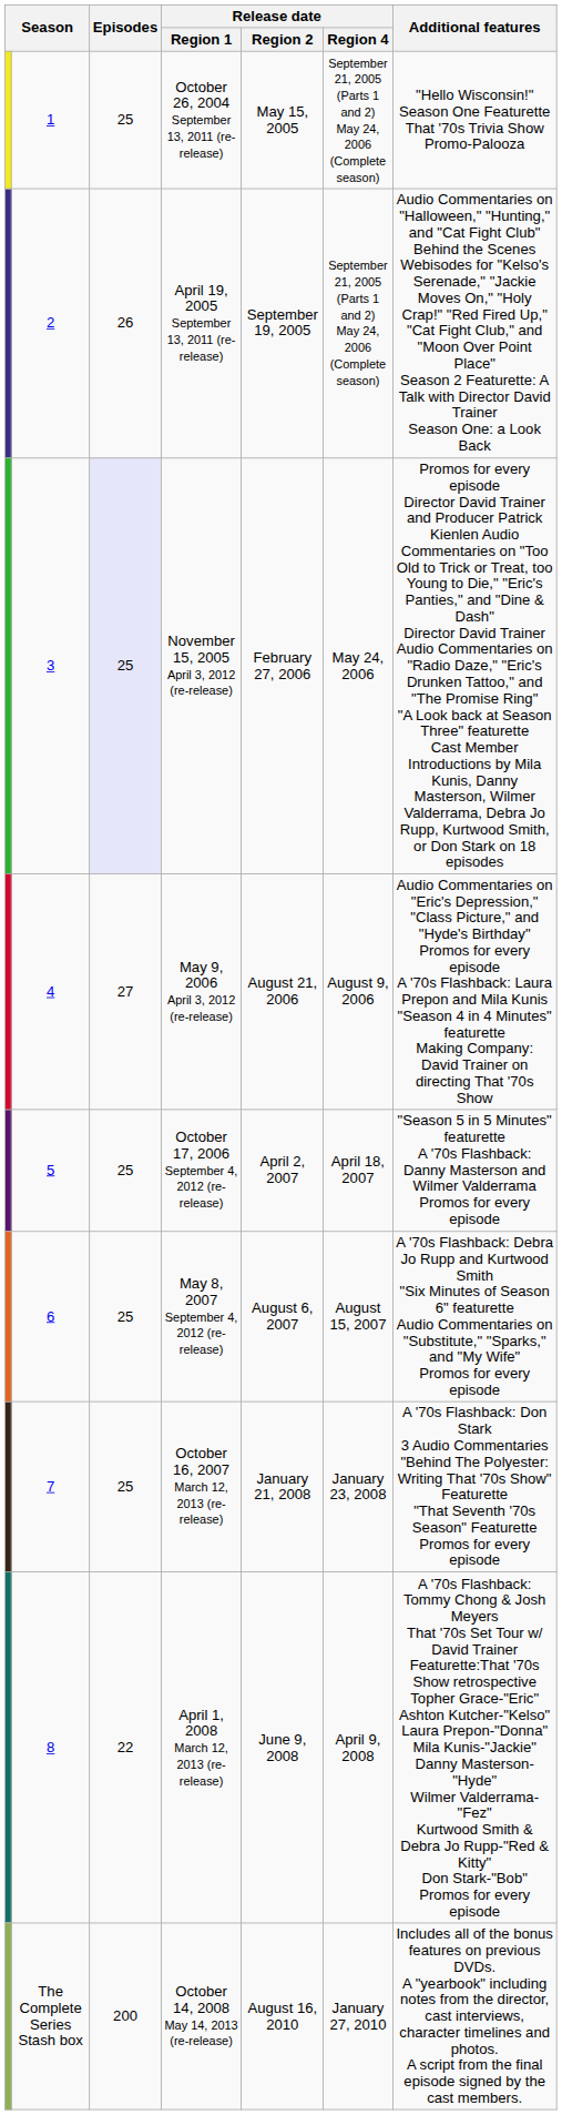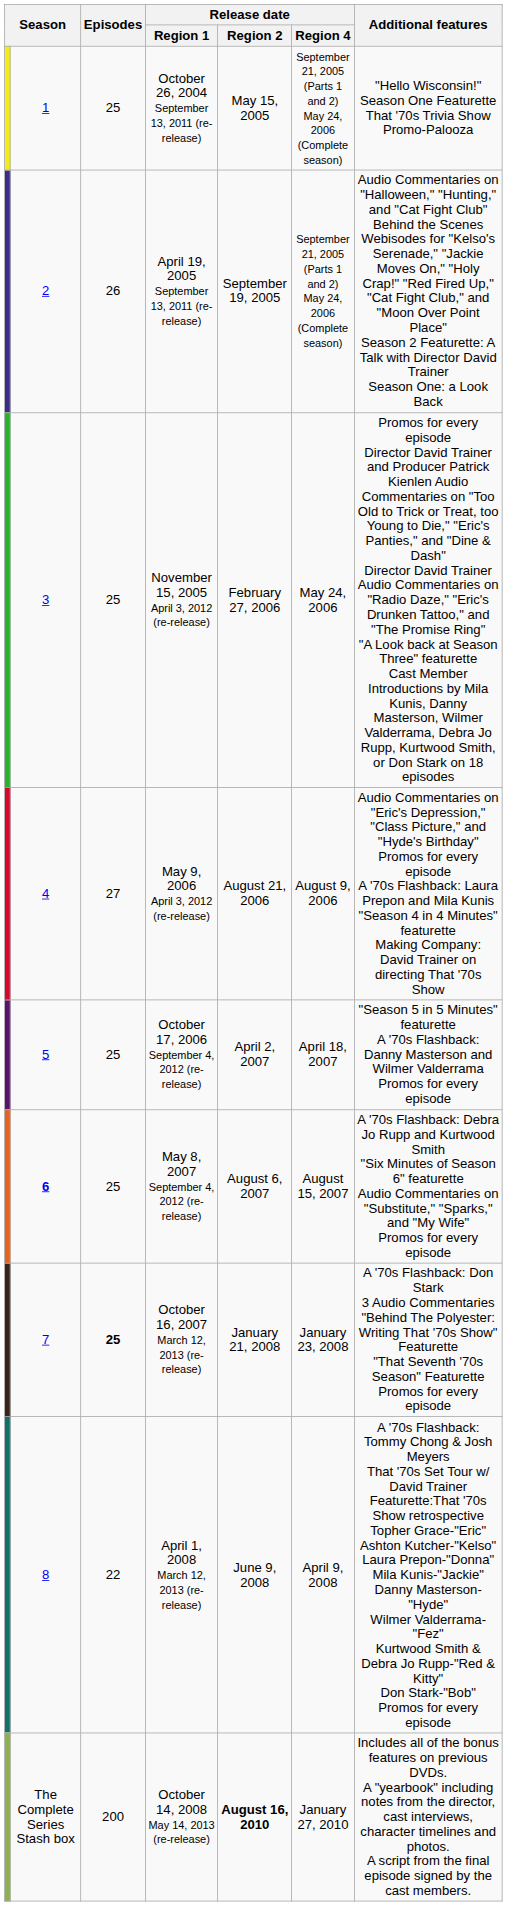 <table class="wikitable plainrowheaders" style="text-align:center">
 <tr>
 <th colspan="2" rowspan="2">Season</th>
 <th rowspan="2">Episodes</th>
 <th colspan="3">Release date</th>
 <th rowspan="2">Additional features</th>
 </tr>
 <tr>
 <th>Region 1</th>
 <th>Region 2</th>
 <th>Region 4</th>
 </tr>
 <tr>
 <td style="background:#f2eb21; height:100px;"></td>
 <td><a href='#'>1</a></td>
 <td>25</td>
 <td>October 26, 2004<br><small>September 13, 2011 (re-release)</small></td>
 <td>May 15, 2005</td>
 <td><small>September 21, 2005 <br>(Parts 1 and 2)</small><br><small>May 24, 2006 <br>(Complete season)</small></td>
 <td>"Hello Wisconsin!" Season One Featurette<br>That '70s Trivia Show<br>Promo-Palooza</td>
 </tr>
 <tr>
 <td style="background:#3c2c85; height:100px;"></td>
 <td><a href='#'>2</a></td>
 <td>26</td>
 <td>April 19, 2005<br><small>September 13, 2011 (re-release)</small></td>
 <td>September 19, 2005</td>
 <td><small>September 21, 2005 <br> (Parts 1 and 2)</small><br><small>May 24, 2006 <br> (Complete season)</small></td>
 <td>Audio Commentaries on "Halloween," "Hunting," and "Cat Fight Club"<br>Behind the Scenes Webisodes for "Kelso's Serenade," "Jackie Moves On," "Holy Crap!" "Red Fired Up," "Cat Fight Club," and "Moon Over Point Place"<br>Season 2 Featurette: A Talk with Director David Trainer<br>Season One: a Look Back</td>
 </tr>
 <tr>
 <td style="background:#29b230; height:100px;"></td>
 <td><a href='#'>3</a></td>
-<td style="background: lavender;">25</td>
+<td>25</td>
 <td>November 15, 2005<br><small>April 3, 2012 (re-release)</small></td>
 <td>February 27, 2006</td>
 <td>May 24, 2006</td>
 <td>Promos for every episode<br>Director David Trainer and Producer Patrick Kienlen Audio Commentaries on "Too Old to Trick or Treat, too Young to Die," "Eric's Panties," and "Dine & Dash"<br>Director David Trainer Audio Commentaries on "Radio Daze," "Eric's Drunken Tattoo," and "The Promise Ring"<br>"A Look back at Season Three" featurette<br>Cast Member Introductions by Mila Kunis, Danny Masterson, Wilmer Valderrama, Debra Jo Rupp, Kurtwood Smith, or Don Stark on 18 episodes</td>
 </tr>
 <tr>
 <td style="background:#d4072e; height:100px;"></td>
 <td><a href='#'>4</a></td>
 <td>27</td>
 <td>May 9, 2006<br><small>April 3, 2012 (re-release)</small></td>
 <td>August 21, 2006</td>
 <td>August 9, 2006</td>
 <td>Audio Commentaries on "Eric's Depression," "Class Picture," and "Hyde's Birthday"<br>Promos for every episode<br>A '70s Flashback: Laura Prepon and Mila Kunis<br>"Season 4 in 4 Minutes" featurette<br>Making Company: David Trainer on directing That '70s Show</td>
 </tr>
 <tr>
 <td style="background:#58136c; height:100px;"></td>
 <td><a href='#'>5</a></td>
 <td>25</td>
 <td>October 17, 2006<br><small>September 4, 2012 (re-release)</small></td>
 <td>April 2, 2007</td>
 <td>April 18, 2007</td>
 <td>"Season 5 in 5 Minutes" featurette<br>A '70s Flashback: Danny Masterson and Wilmer Valderrama<br>Promos for every episode</td>
 </tr>
 <tr>
 <td style="background:#e4631f; height:100px;"></td>
-<td><a href='#'>6</a></td>
+<td><strong><a href='#'>6</a></strong></td>
 <td>25</td>
 <td>May 8, 2007<br><small>September 4, 2012 (re-release)</small></td>
 <td>August 6, 2007</td>
 <td>August 15, 2007<br></td>
 <td>A '70s Flashback: Debra Jo Rupp and Kurtwood Smith<br>"Six Minutes of Season 6" featurette<br>Audio Commentaries on "Substitute," "Sparks," and "My Wife"<br>Promos for every episode</td>
 </tr>
 <tr>
 <td style="background:#362418; height:100px;"></td>
 <td><a href='#'>7</a></td>
-<td>25</td>
+<td><strong>25</strong></td>
 <td>October 16, 2007<br><small>March 12, 2013 (re-release)</small></td>
 <td>January 21, 2008</td>
 <td>January 23, 2008</td>
 <td>A '70s Flashback: Don Stark<br>3 Audio Commentaries<br>"Behind The Polyester: Writing That '70s Show" Featurette<br>"That Seventh '70s Season" Featurette<br>Promos for every episode</td>
 </tr>
 <tr>
 <td style="background:#137068; height:100px;"></td>
 <td><a href='#'>8</a></td>
 <td>22</td>
 <td>April 1, 2008<br><small>March 12, 2013 (re-release)</small></td>
 <td>June 9, 2008</td>
 <td>April 9, 2008</td>
 <td>A '70s Flashback: Tommy Chong & Josh Meyers<br>That '70s Set Tour w/ David Trainer<br>Featurette:That '70s Show retrospective<br>Topher Grace-"Eric"<br>Ashton Kutcher-"Kelso"<br>Laura Prepon-"Donna"<br>Mila Kunis-"Jackie"<br>Danny Masterson-"Hyde"<br>Wilmer Valderrama-"Fez"<br>Kurtwood Smith & Debra Jo Rupp-"Red & Kitty"<br>Don Stark-"Bob"<br>Promos for every episode</td>
 </tr>
 <tr>
 <td style="background:#8eb052; height:100px;"></td>
 <td>The Complete Series Stash box</td>
 <td>200</td>
 <td>October 14, 2008<br><small>May 14, 2013 (re-release)</small></td>
-<td>August 16, 2010</td>
+<td><strong>August 16, 2010</strong></td>
 <td>January 27, 2010</td>
 <td>Includes all of the bonus features on previous DVDs.<br>A "yearbook" including notes from the director, cast interviews, character timelines and photos.<br>A script from the final episode signed by the cast members.</td>
 </tr>
 </table>
